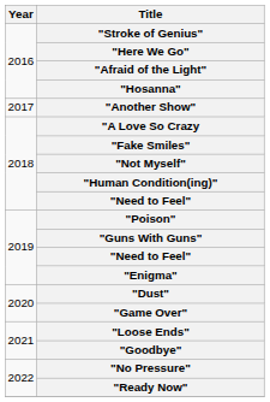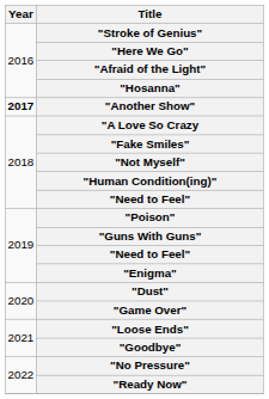 <table class="wikitable plainrowheaders" style="text-align:left;">
 <tr>
 <th scope="col">Year</th>
 <th scope="col" style="width:19em;">Title</th>
 </tr>
 <tr>
 <td rowspan="4">2016</td>
 <th scope="row">"Stroke of Genius"</th>
 </tr>
 <tr>
 <th scope="row">"Here We Go"</th>
 </tr>
 <tr>
 <th scope="row">"Afraid of the Light"</th>
 </tr>
 <tr>
 <th scope="row">"Hosanna"</th>
 </tr>
 <tr>
-<td>2017</td>
+<td><strong>2017</strong></td>
 <th scope="row">"Another Show"</th>
 </tr>
 <tr>
 <td rowspan="5">2018</td>
 <th scope="row">"A Love So Crazy</th>
 </tr>
 <tr>
 <th scope="row">"Fake Smiles"</th>
 </tr>
 <tr>
 <th scope="row">"Not Myself"</th>
 </tr>
 <tr>
 <th scope="row">"Human Condition(ing)"</th>
 </tr>
 <tr>
 <th scope="row">"Need to Feel"</th>
 </tr>
 <tr>
 <td rowspan="4">2019</td>
 <th scope="row">"Poison"</th>
 </tr>
 <tr>
 <th scope="row">"Guns With Guns"</th>
 </tr>
 <tr>
 <th scope="row">"Need to Feel"</th>
 </tr>
 <tr>
 <th scope="row">"Enigma"</th>
 </tr>
 <tr>
 <td rowspan="2">2020</td>
 <th scope="row">"Dust"</th>
 </tr>
 <tr>
 <th scope="row">"Game Over"</th>
 </tr>
 <tr>
 <td rowspan="2">2021</td>
 <th scope="row">"Loose Ends"</th>
 </tr>
 <tr>
 <th scope="row">"Goodbye"</th>
 </tr>
 <tr>
 <td rowspan="2">2022</td>
 <th scope="row">"No Pressure"</th>
 </tr>
 <tr>
 <th scope="row">"Ready Now"</th>
 </tr>
 <tr>
 </tr>
 </table>
